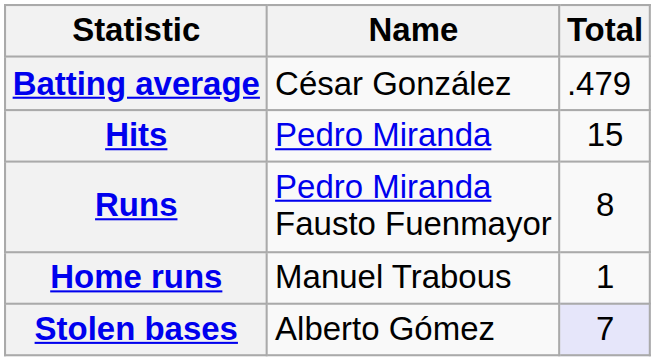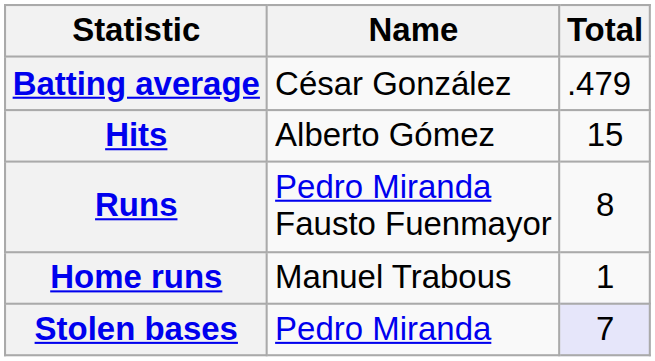 <table class="wikitable plainrowheaders">
 <tr>
 <th scope="col">Statistic</th>
 <th scope="col">Name</th>
 <th scope="col">Total</th>
 </tr>
 <tr>
 <th scope="row"><a href='#'>Batting average</a></th>
 <td> César González</td>
 <td>.479</td>
 </tr>
 <tr>
 <th scope="row"><a href='#'>Hits</a></th>
-<td> <a href='#'>Pedro Miranda</a></td>
+<td> Alberto Gómez</td>
 <td align=center>15</td>
 </tr>
 <tr>
 <th scope="row"><a href='#'>Runs</a></th>
 <td> <a href='#'>Pedro Miranda</a><br> Fausto Fuenmayor</td>
 <td align=center>8</td>
 </tr>
 <tr>
 <th scope="row"><a href='#'>Home runs</a></th>
 <td> Manuel Trabous</td>
 <td align=center>1</td>
 </tr>
 <tr>
 <th scope="row" rowspan=2><a href='#'>Stolen bases</a></th>
-<td> Alberto Gómez</td>
+<td> <a href='#'>Pedro Miranda</a></td>
 <td align=center style="background: lavender;">7</td>
 </tr>
 </table>
